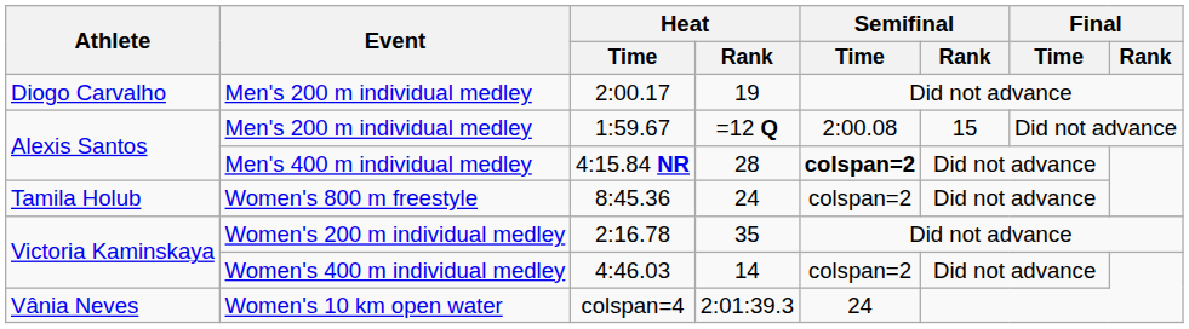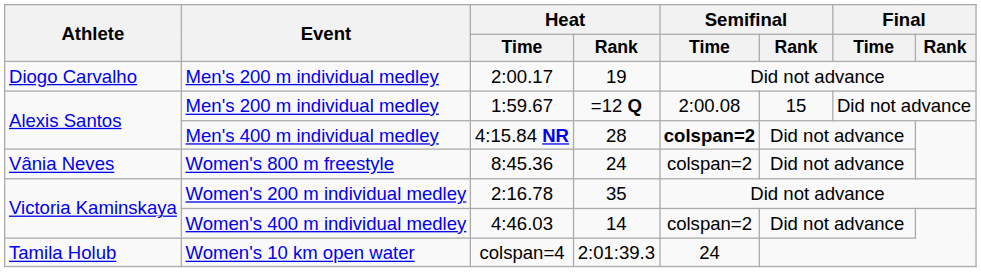 <table class=wikitable style="font-size:90%">
 <tr>
 <th rowspan="2">Athlete</th>
 <th rowspan="2">Event</th>
 <th colspan="2">Heat</th>
 <th colspan="2">Semifinal</th>
 <th colspan="2">Final</th>
 </tr>
 <tr style="font-size:95%">
 <th>Time</th>
 <th>Rank</th>
 <th>Time</th>
 <th>Rank</th>
 <th>Time</th>
 <th>Rank</th>
 </tr>
 <tr align=center>
 <td align=left><a href='#'>Diogo Carvalho</a></td>
 <td align=left><a href='#'>Men's 200 m individual medley</a></td>
 <td>2:00.17</td>
 <td>19</td>
 <td colspan=4>Did not advance</td>
 </tr>
 <tr align=center>
 <td align=left rowspan=2><a href='#'>Alexis Santos</a></td>
 <td align=left><a href='#'>Men's 200 m individual medley</a></td>
 <td>1:59.67</td>
 <td>=12 <strong>Q</strong></td>
 <td>2:00.08</td>
 <td>15</td>
 <td colspan=2>Did not advance</td>
 </tr>
 <tr align=center>
 <td align=left><a href='#'>Men's 400 m individual medley</a></td>
 <td>4:15.84 <strong><a href='#'>NR</a></strong></td>
 <td>28</td>
 <td><strong>colspan=2 </strong></td>
 <td colspan=2>Did not advance</td>
 </tr>
 <tr align=center>
-<td align=left><a href='#'>Tamila Holub</a></td>
+<td align=left><a href='#'>Vânia Neves</a></td>
 <td align=left><a href='#'>Women's 800 m freestyle</a></td>
 <td>8:45.36</td>
 <td>24</td>
 <td>colspan=2 </td>
 <td colspan=2>Did not advance</td>
 </tr>
 <tr align=center>
 <td align=left rowspan=2><a href='#'>Victoria Kaminskaya</a></td>
 <td align=left><a href='#'>Women's 200 m individual medley</a></td>
 <td>2:16.78</td>
 <td>35</td>
 <td colspan=4>Did not advance</td>
 </tr>
 <tr align=center>
 <td align=left><a href='#'>Women's 400 m individual medley</a></td>
 <td>4:46.03</td>
 <td>14</td>
 <td>colspan=2 </td>
 <td colspan=2>Did not advance</td>
 </tr>
 <tr align=center>
-<td align=left><a href='#'>Vânia Neves</a></td>
+<td align=left><a href='#'>Tamila Holub</a></td>
 <td align=left><a href='#'>Women's 10 km open water</a></td>
 <td>colspan=4 </td>
 <td>2:01:39.3</td>
 <td>24</td>
 </tr>
 </table>
